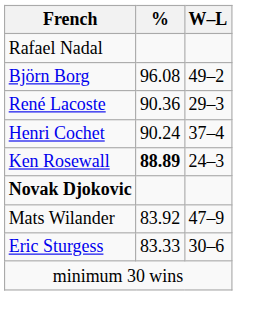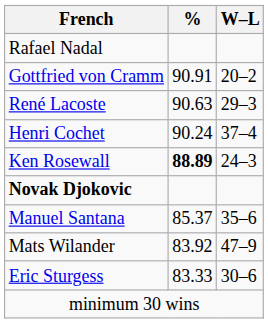 <table class=wikitable style="display:inline-table;">
 <tr>
 <th>French</th>
 <th>%</th>
 <th>W–L</th>
 </tr>
 <tr>
 <td> Rafael Nadal</td>
 <td></td>
 </tr>
 <tr>
-<td> <a href='#'>Björn Borg</a></td>
-<td>96.08</td>
-<td>49–2</td>
+<td> <a href='#'>Gottfried von Cramm</a></td>
+<td>90.91</td>
+<td>20–2</td>
 </tr>
 <tr>
 <td> <a href='#'>René Lacoste</a></td>
-<td>90.36</td>
+<td>90.63</td>
 <td>29–3</td>
 </tr>
 <tr>
 <td> <a href='#'>Henri Cochet</a></td>
 <td>90.24</td>
 <td>37–4</td>
 </tr>
 <tr>
 <td> <a href='#'>Ken Rosewall</a></td>
 <td><strong>88.89</strong></td>
 <td>24–3</td>
 </tr>
 <tr>
 <td> <strong>Novak Djokovic</strong></td>
 <td></td>
 </tr>
 <tr>
+<td> <a href='#'>Manuel Santana</a></td>
+<td>85.37</td>
+<td>35–6</td>
+</tr>
+<tr>
 <td> Mats Wilander</td>
 <td>83.92</td>
 <td>47–9</td>
 </tr>
 <tr>
 <td> <a href='#'>Eric Sturgess</a></td>
 <td>83.33</td>
 <td>30–6<br></td>
 </tr>
 <tr>
 <td colspan="3" style="text-align:center;">minimum 30 wins</td>
 </tr>
 </table>
